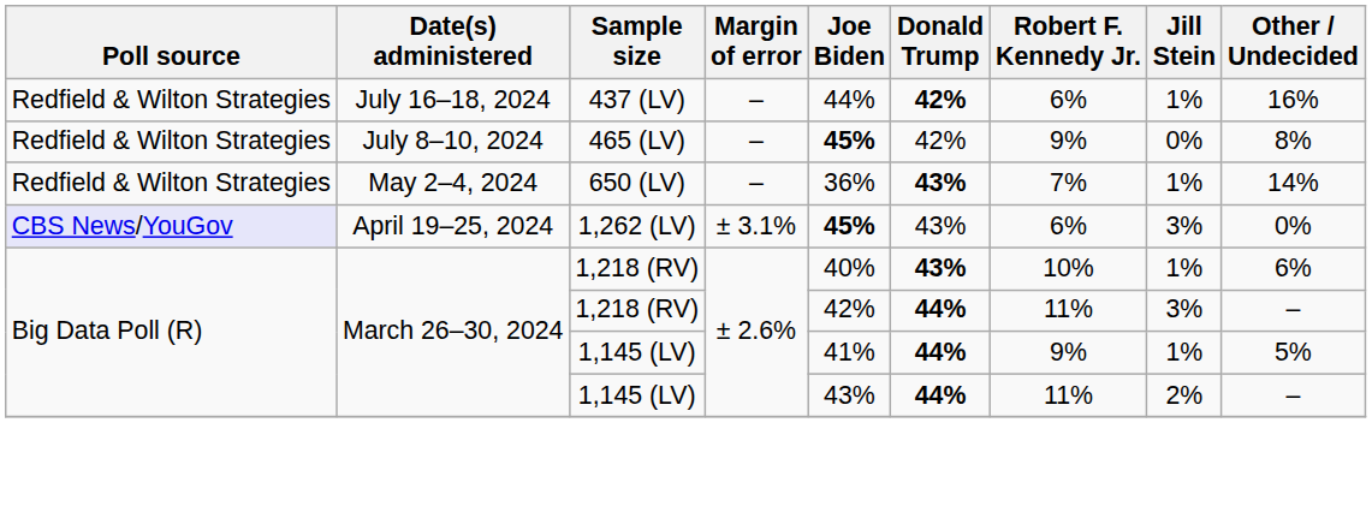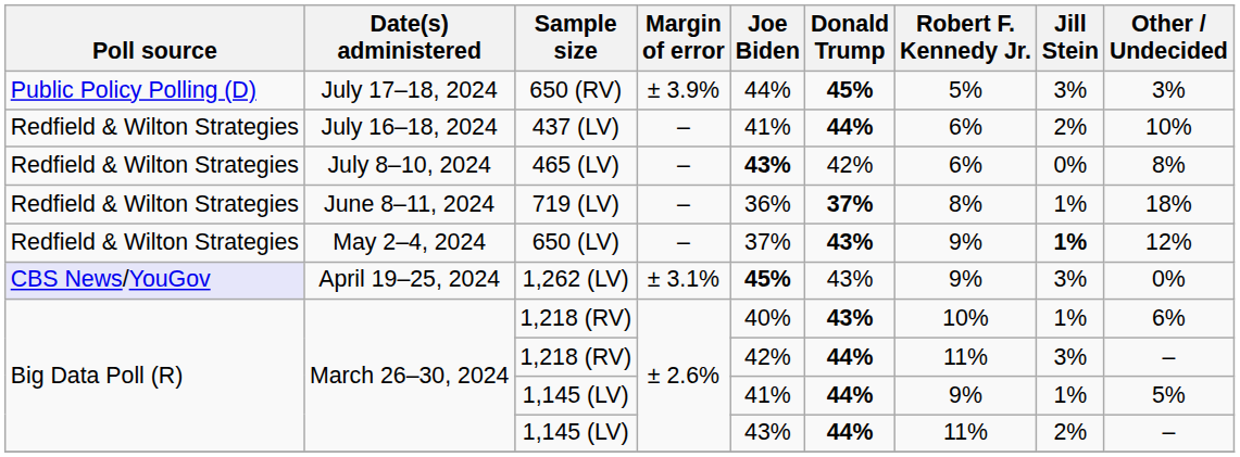 <table class="wikitable sortable mw-datatable" style="font-size:90%;text-align:center;line-height:17px">
 <tr style="vertical-align:bottom">
 <th>Poll source</th>
 <th>Date(s)<br>administered</th>
 <th>Sample<br>size</th>
 <th>Margin<br>of error</th>
 <th class="unsortable">Joe<br>Biden<br></th>
 <th class="unsortable">Donald<br>Trump<br></th>
 <th class="unsortable">Robert F.<br>Kennedy Jr.<br></th>
 <th class="unsortable">Jill<br>Stein<br></th>
 <th class="unsortable">Other /<br>Undecided</th>
 </tr>
 <tr>
+<td style="text-align:left;"><a href='#'>Public Policy Polling (D)</a></td>
+<td data-sort-value="2024-07-18">July 17–18, 2024</td>
+<td>650 (RV)</td>
+<td>± 3.9%</td>
+<td>44%</td>
+<td style="background-color:"><strong>45%</strong></td>
+<td>5%</td>
+<td>3%</td>
+<td>3%</td>
+</tr>
+<tr>
 <td style="text-align:left;">Redfield & Wilton Strategies</td>
 <td data-sort-value="2024-07-18">July 16–18, 2024</td>
 <td>437 (LV)</td>
 <td>–</td>
-<td>44%</td>
-<td style="background-color:"><strong>42%</strong></td>
+<td>41%</td>
+<td style="background-color:"><strong>44%</strong></td>
 <td>6%</td>
-<td>1%</td>
-<td>16%</td>
+<td>2%</td>
+<td>10%</td>
 </tr>
 <tr>
 <td style="text-align:left;">Redfield & Wilton Strategies</td>
 <td data-sort-value="2024-07-10">July 8–10, 2024</td>
 <td>465 (LV)</td>
 <td>–</td>
-<td style="color:black;background-color:"><strong>45%</strong></td>
+<td style="color:black;background-color:"><strong>43%</strong></td>
 <td>42%</td>
-<td>9%</td>
+<td>6%</td>
 <td>0%</td>
 <td>8%</td>
+</tr>
+<tr>
+<td style="text-align:left;">Redfield & Wilton Strategies</td>
+<td data-sort-value="2024-07-10">June 8–11, 2024</td>
+<td>719 (LV)</td>
+<td>–</td>
+<td>36%</td>
+<td style="background-color:"><strong>37%</strong></td>
+<td>8%</td>
+<td>1%</td>
+<td>18%</td>
 </tr>
 <tr>
 <td style="text-align:left;">Redfield & Wilton Strategies</td>
 <td data-sort-value="2024-05-13">May 2–4, 2024</td>
 <td>650 (LV)</td>
 <td>–</td>
-<td>36%</td>
+<td>37%</td>
 <td style="background-color:"><strong>43%</strong></td>
-<td>7%</td>
-<td>1%</td>
-<td>14%</td>
+<td>9%</td>
+<td><strong>1%</strong></td>
+<td>12%</td>
 </tr>
 <tr>
 <td style="background: lavender; text-align:left;"><a href='#'>CBS News</a>/<a href='#'>YouGov</a></td>
 <td data-sort-value="2024-03-22">April 19–25, 2024</td>
 <td>1,262 (LV)</td>
 <td>± 3.1%</td>
 <td style="color:black;background-color:"><strong>45%</strong></td>
 <td>43%</td>
-<td>6%</td>
+<td>9%</td>
 <td>3%</td>
 <td>0%</td>
 </tr>
 <tr>
 <td style="text-align:left;" rowspan="4">Big Data Poll (R)</td>
 <td rowspan="4">March 26–30, 2024</td>
 <td>1,218 (RV)</td>
 <td rowspan="4">± 2.6%</td>
 <td>40%</td>
 <td style="background-color:"><strong>43%</strong></td>
 <td>10%</td>
 <td>1%</td>
 <td>6%</td>
 </tr>
 <tr>
 <td>1,218 (RV)</td>
 <td>42%</td>
 <td style="background-color:"><strong>44%</strong></td>
 <td>11%</td>
 <td>3%</td>
 <td>–</td>
 </tr>
 <tr>
 <td>1,145 (LV)</td>
 <td>41%</td>
 <td style="background-color:"><strong>44%</strong></td>
 <td>9%</td>
 <td>1%</td>
 <td>5%</td>
 </tr>
 <tr>
 <td>1,145 (LV)</td>
 <td>43%</td>
 <td style="background-color:"><strong>44%</strong></td>
 <td>11%</td>
 <td>2%</td>
 <td>–</td>
 </tr>
 <tr>
 </tr>
 </table>
